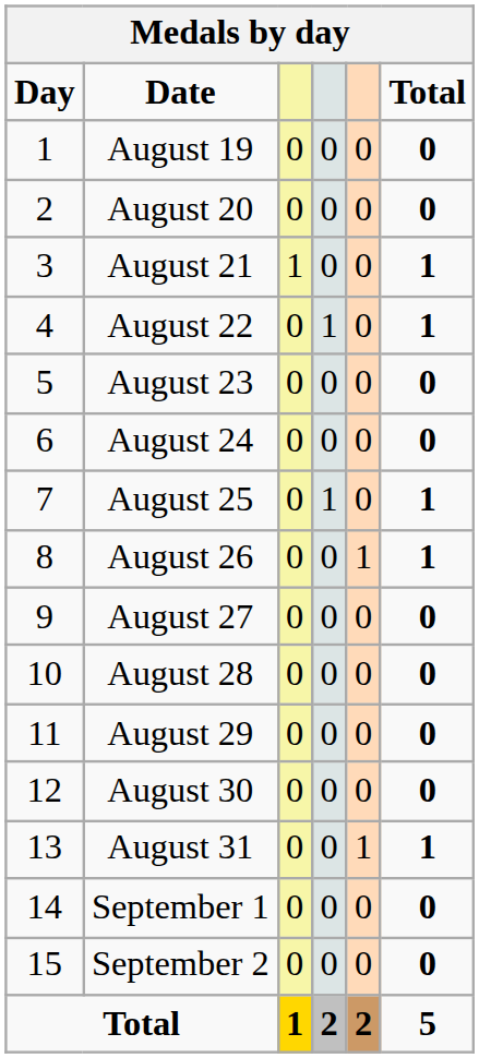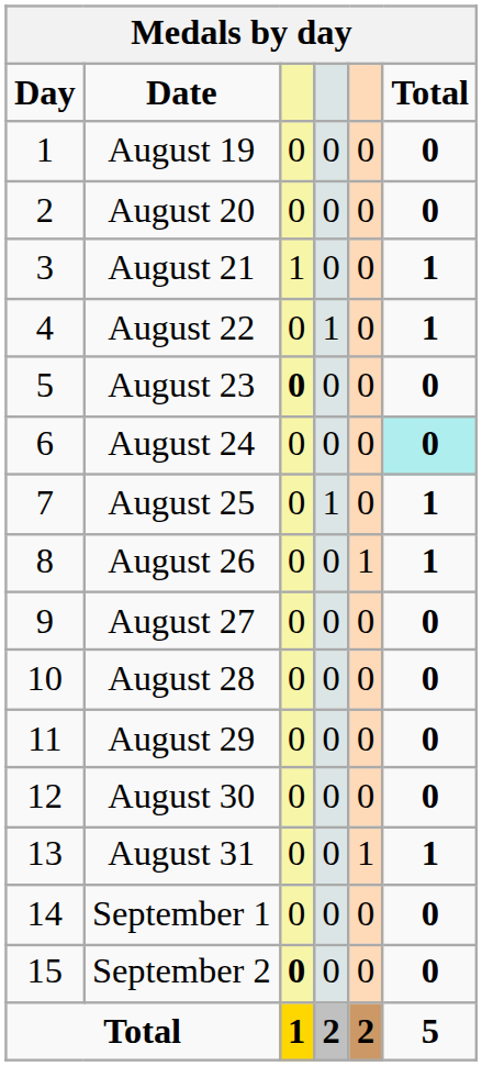 <table class=wikitable style="font-size:85%; float:right;text-align:center">
 <tr>
 <th colspan=7><strong>Medals by day</strong></th>
 </tr>
 <tr>
 <td><strong>Day</strong></td>
 <td><strong>Date</strong></td>
 <td bgcolor=F7F6A8></td>
 <td bgcolor=DCE5E5></td>
 <td bgcolor=FFDAB9></td>
 <td><strong>Total</strong></td>
 </tr>
 <tr>
 <td>1</td>
 <td>August 19</td>
 <td bgcolor=F7F6A8>0</td>
 <td bgcolor=DCE5E5>0</td>
 <td bgcolor=FFDAB9>0</td>
 <td><strong>0</strong></td>
 </tr>
 <tr>
 <td>2</td>
 <td>August 20</td>
 <td bgcolor=F7F6A8>0</td>
 <td bgcolor=DCE5E5>0</td>
 <td bgcolor=FFDAB9>0</td>
 <td><strong>0</strong></td>
 </tr>
 <tr>
 <td>3</td>
 <td>August 21</td>
 <td bgcolor=F7F6A8>1</td>
 <td bgcolor=DCE5E5>0</td>
 <td bgcolor=FFDAB9>0</td>
 <td><strong>1</strong></td>
 </tr>
 <tr>
 <td>4</td>
 <td>August 22</td>
 <td bgcolor=F7F6A8>0</td>
 <td bgcolor=DCE5E5>1</td>
 <td bgcolor=FFDAB9>0</td>
 <td><strong>1</strong></td>
 </tr>
 <tr>
 <td>5</td>
 <td>August 23</td>
-<td bgcolor=F7F6A8>0</td>
+<td bgcolor=F7F6A8><strong>0</strong></td>
 <td bgcolor=DCE5E5>0</td>
 <td bgcolor=FFDAB9>0</td>
 <td><strong>0</strong></td>
 </tr>
 <tr>
 <td>6</td>
 <td>August 24</td>
 <td bgcolor=F7F6A8>0</td>
 <td bgcolor=DCE5E5>0</td>
 <td bgcolor=FFDAB9>0</td>
-<td><strong>0</strong></td>
+<td style="background: paleturquoise;"><strong>0</strong></td>
 </tr>
 <tr>
 <td>7</td>
 <td>August 25</td>
 <td bgcolor=F7F6A8>0</td>
 <td bgcolor=DCE5E5>1</td>
 <td bgcolor=FFDAB9>0</td>
 <td><strong>1</strong></td>
 </tr>
 <tr>
 <td>8</td>
 <td>August 26</td>
 <td bgcolor=F7F6A8>0</td>
 <td bgcolor=DCE5E5>0</td>
 <td bgcolor=FFDAB9>1</td>
 <td><strong>1</strong></td>
 </tr>
 <tr>
 <td>9</td>
 <td>August 27</td>
 <td bgcolor=F7F6A8>0</td>
 <td bgcolor=DCE5E5>0</td>
 <td bgcolor=FFDAB9>0</td>
 <td><strong>0</strong></td>
 </tr>
 <tr>
 <td>10</td>
 <td>August 28</td>
 <td bgcolor=F7F6A8>0</td>
 <td bgcolor=DCE5E5>0</td>
 <td bgcolor=FFDAB9>0</td>
 <td><strong>0</strong></td>
 </tr>
 <tr>
 <td>11</td>
 <td>August 29</td>
 <td bgcolor=F7F6A8>0</td>
 <td bgcolor=DCE5E5>0</td>
 <td bgcolor=FFDAB9>0</td>
 <td><strong>0</strong></td>
 </tr>
 <tr>
 <td>12</td>
 <td>August 30</td>
 <td bgcolor=F7F6A8>0</td>
 <td bgcolor=DCE5E5>0</td>
 <td bgcolor=FFDAB9>0</td>
 <td><strong>0</strong></td>
 </tr>
 <tr>
 <td>13</td>
 <td>August 31</td>
 <td bgcolor=F7F6A8>0</td>
 <td bgcolor=DCE5E5>0</td>
 <td bgcolor=FFDAB9>1</td>
 <td><strong>1</strong></td>
 </tr>
 <tr>
 <td>14</td>
 <td>September 1</td>
 <td bgcolor=F7F6A8>0</td>
 <td bgcolor=DCE5E5>0</td>
 <td bgcolor=FFDAB9>0</td>
 <td><strong>0</strong></td>
 </tr>
 <tr>
 <td>15</td>
 <td>September 2</td>
-<td bgcolor=F7F6A8>0</td>
+<td bgcolor=F7F6A8><strong>0</strong></td>
 <td bgcolor=DCE5E5>0</td>
 <td bgcolor=FFDAB9>0</td>
 <td><strong>0</strong></td>
 </tr>
 <tr>
 <td colspan=2><strong>Total</strong></td>
 <td style="background:gold;"><strong>1</strong></td>
 <td style="background:silver;"><strong>2</strong></td>
 <td style="background:#c96;"><strong>2</strong></td>
 <td><strong>5</strong></td>
 </tr>
 </table>
